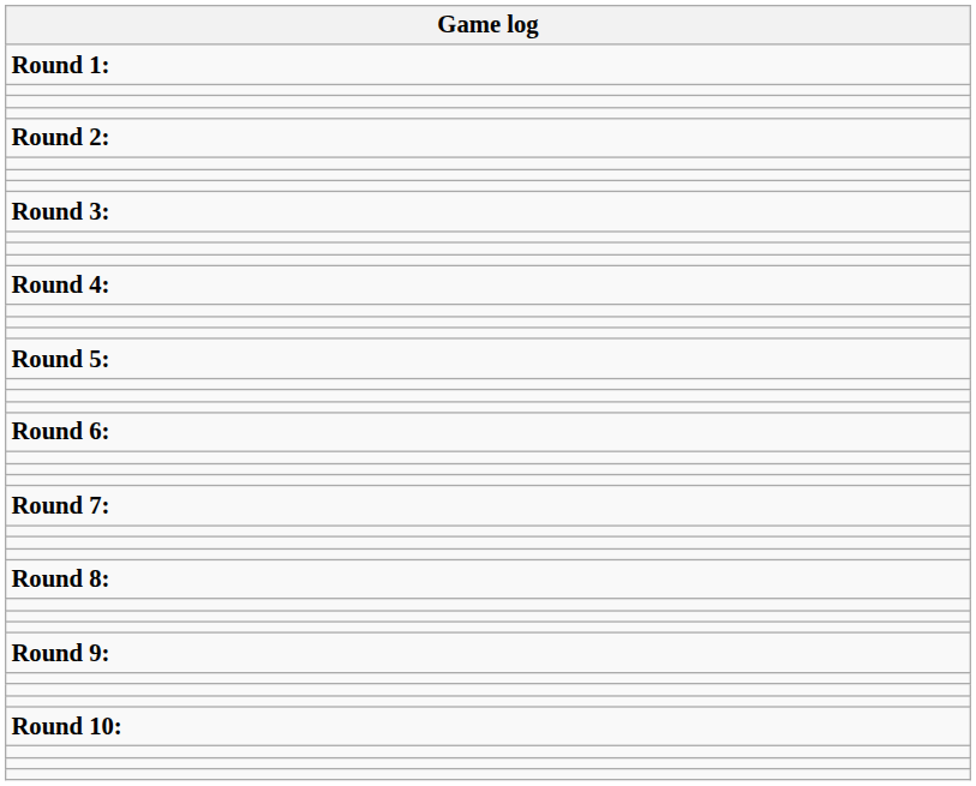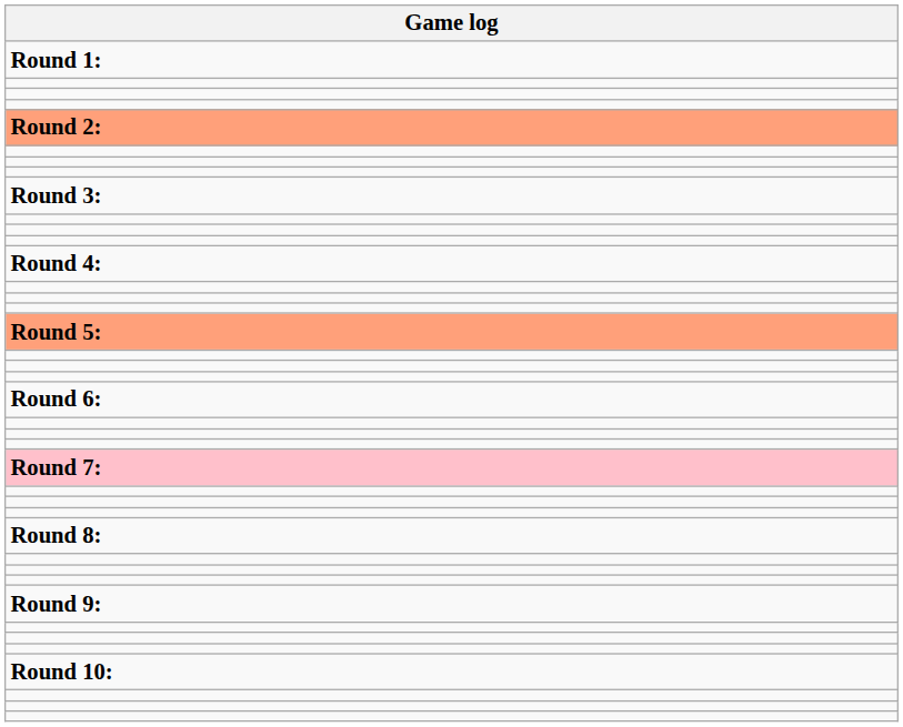 <table class="wikitable collapsible collapsed" width=100%>
 <tr>
 <th>Game log</th>
 </tr>
 <tr>
 <td><strong>Round 1:</strong></td>
 </tr>
 <tr>
 <td></td>
 </tr>
 <tr>
 <td></td>
 </tr>
 <tr>
 <td></td>
 </tr>
 <tr>
-<td><strong>Round 2:</strong></td>
+<td style="background: lightsalmon;"><strong>Round 2:</strong></td>
 </tr>
 <tr>
 <td></td>
 </tr>
 <tr>
 <td></td>
 </tr>
 <tr>
 <td></td>
 </tr>
 <tr>
 <td><strong>Round 3:</strong></td>
 </tr>
 <tr>
 <td></td>
 </tr>
 <tr>
 <td></td>
 </tr>
 <tr>
 <td></td>
 </tr>
 <tr>
 <td><strong>Round 4:</strong></td>
 </tr>
 <tr>
 <td></td>
 </tr>
 <tr>
 <td></td>
 </tr>
 <tr>
 <td></td>
 </tr>
 <tr>
-<td><strong>Round 5:</strong></td>
+<td style="background: lightsalmon;"><strong>Round 5:</strong></td>
 </tr>
 <tr>
 <td></td>
 </tr>
 <tr>
 <td></td>
 </tr>
 <tr>
 <td></td>
 </tr>
 <tr>
 <td><strong>Round 6:</strong></td>
 </tr>
 <tr>
 <td></td>
 </tr>
 <tr>
 <td></td>
 </tr>
 <tr>
 <td></td>
 </tr>
 <tr>
-<td><strong>Round 7:</strong></td>
+<td style="background: pink;"><strong>Round 7:</strong></td>
 </tr>
 <tr>
 <td></td>
 </tr>
 <tr>
 <td></td>
 </tr>
 <tr>
 <td></td>
 </tr>
 <tr>
 <td><strong>Round 8:</strong></td>
 </tr>
 <tr>
 <td></td>
 </tr>
 <tr>
 <td></td>
 </tr>
 <tr>
 <td></td>
 </tr>
 <tr>
 <td><strong>Round 9:</strong></td>
 </tr>
 <tr>
 <td></td>
 </tr>
 <tr>
 <td></td>
 </tr>
 <tr>
 <td></td>
 </tr>
 <tr>
 <td><strong>Round 10:</strong></td>
 </tr>
 <tr>
 <td></td>
 </tr>
 <tr>
 <td></td>
 </tr>
 <tr>
 <td></td>
 </tr>
 </table>
